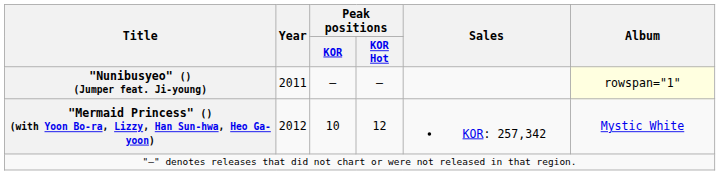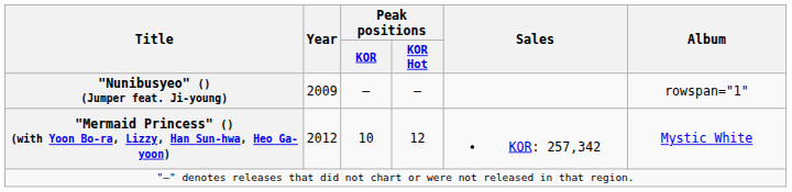 <table class="wikitable plainrowheaders" style="text-align:center;">
 <tr>
 <th scope="col" rowspan="2" style="width:23em">Title</th>
 <th scope="col" rowspan="2" style="width:2em">Year</th>
 <th scope="col" colspan="2">Peak positions</th>
 <th rowspan="2" style="width:14em;">Sales<br></th>
 <th scope="col" rowspan="2" style="width:12em">Album</th>
 </tr>
 <tr>
 <th scope="col" style="width:4em;font-size:90%;"><a href='#'>KOR</a><br></th>
 <th scope="col" style="width:4em;font-size:90%;"><a href='#'>KOR<br>Hot</a><br></th>
 </tr>
 <tr>
 <th scope="row">"Nunibusyeo" <small>()</small><br><small>(Jumper feat. Ji-young)</small></th>
-<td>2011</td>
+<td>2009</td>
 <td>—</td>
 <td>—</td>
 <td></td>
-<td style="background: lightyellow;">rowspan="1" </td>
+<td>rowspan="1" </td>
 </tr>
 <tr>
 <th scope="row">"Mermaid Princess" <small>()</small><br><small>(with <a href='#'>Yoon Bo-ra</a>, <a href='#'>Lizzy</a>, <a href='#'>Han Sun-hwa</a>, <a href='#'>Heo Ga-yoon</a>)</small></th>
 <td>2012</td>
 <td>10</td>
 <td>12</td>
 <td><br><ul><li><a href='#'>KOR</a>: 257,342</li></ul></td>
 <td><a href='#'>Mystic White</a></td>
 </tr>
 <tr>
 <td colspan="15" style="text-align:center; font-size:8pt;">"—" denotes releases that did not chart or were not released in that region.</td>
 </tr>
 </table>
